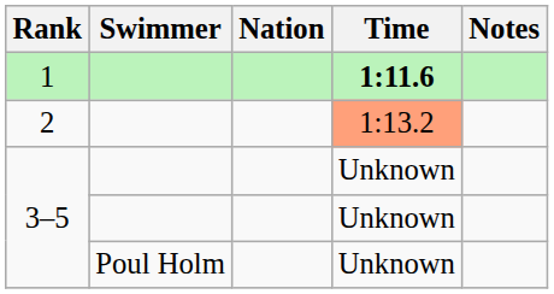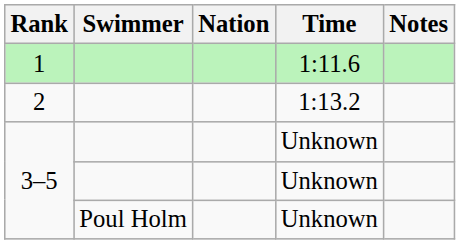 <table class="wikitable sortable" style="text-align:center">
 <tr>
 <th>Rank</th>
 <th>Swimmer</th>
 <th>Nation</th>
 <th>Time</th>
 <th>Notes</th>
 </tr>
 <tr bgcolor=BBF3BB>
 <td>1</td>
 <td align=left></td>
 <td align=left></td>
-<td><strong>1:11.6</strong></td>
+<td>1:11.6</td>
 <td></td>
 </tr>
 <tr>
 <td>2</td>
 <td align=left></td>
 <td align=left></td>
-<td style="background: lightsalmon;">1:13.2</td>
+<td>1:13.2</td>
 <td></td>
 </tr>
 <tr>
 <td rowspan=3>3–5</td>
 <td align=left></td>
 <td align=left></td>
 <td>Unknown</td>
 <td></td>
 </tr>
 <tr>
 <td align=left></td>
 <td align=left></td>
 <td>Unknown</td>
 <td></td>
 </tr>
 <tr>
 <td align=left>Poul Holm</td>
 <td align=left></td>
 <td>Unknown</td>
 <td></td>
 </tr>
 </table>
